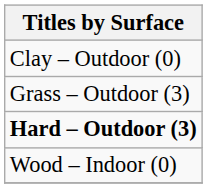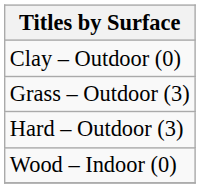 <table class="wikitable" style="display:inline-table;">
 <tr>
 <th>Titles by Surface</th>
 </tr>
 <tr>
 <td>Clay – Outdoor (0)</td>
 </tr>
 <tr>
 <td>Grass – Outdoor (3)</td>
 </tr>
 <tr>
-<td><strong>Hard – Outdoor (3)</strong></td>
+<td>Hard – Outdoor (3)</td>
 </tr>
 <tr>
 <td>Wood – Indoor (0)</td>
 </tr>
 <tr>
 </tr>
 </table>
